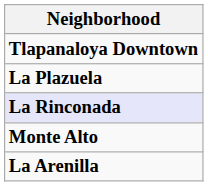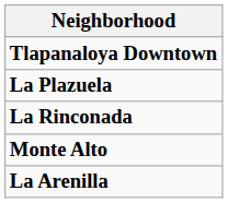 <table class="wikitable">
 <tr align=center style="background:#d8edff">
 <th>Neighborhood</th>
 </tr>
 <tr>
 <td><strong>Tlapanaloya Downtown</strong></td>
 </tr>
 <tr>
 <td><strong>La Plazuela</strong></td>
 </tr>
 <tr>
-<td style="background: lavender;"><strong>La Rinconada</strong></td>
+<td><strong>La Rinconada</strong></td>
 </tr>
 <tr>
 <td><strong>Monte Alto</strong></td>
 </tr>
 <tr>
 <td><strong>La Arenilla</strong></td>
 </tr>
 </table>
